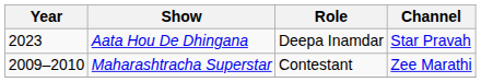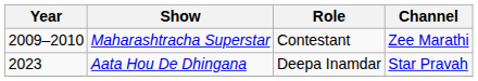 <table class = "wikitable sortable">
 <tr>
 <th>Year</th>
 <th>Show</th>
 <th>Role</th>
 <th>Channel</th>
 </tr>
 <tr>
+<td>2009–2010</td>
+<td><em><a href='#'>Maharashtracha Superstar</a></em></td>
+<td>Contestant</td>
+<td><a href='#'>Zee Marathi</a></td>
+</tr>
+<tr>
 <td>2023</td>
 <td><em><a href='#'>Aata Hou De Dhingana</a></em></td>
 <td>Deepa Inamdar</td>
 <td><a href='#'>Star Pravah</a></td>
 </tr>
 <tr>
-<td>2009–2010</td>
-<td><em><a href='#'>Maharashtracha Superstar</a></em></td>
-<td>Contestant</td>
-<td><a href='#'>Zee Marathi</a></td>
-</tr>
-<tr>
 </tr>
 </table>
